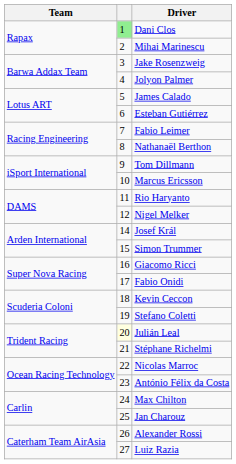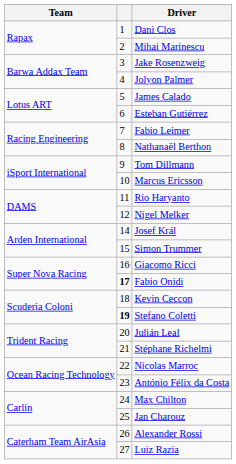 <table class="wikitable" style="font-size: 85%">
 <tr>
 <th>Team</th>
 <th></th>
 <th>Driver</th>
 </tr>
 <tr>
 <td rowspan=2> <a href='#'>Rapax</a></td>
-<td style="background: lightgreen;">1</td>
+<td>1</td>
 <td> <a href='#'>Dani Clos</a></td>
 </tr>
 <tr>
 <td>2</td>
 <td> <a href='#'>Mihai Marinescu</a></td>
 </tr>
 <tr>
 <td rowspan=2> <a href='#'>Barwa Addax Team</a></td>
 <td>3</td>
 <td> <a href='#'>Jake Rosenzweig</a></td>
 </tr>
 <tr>
 <td>4</td>
 <td> <a href='#'>Jolyon Palmer</a></td>
 </tr>
 <tr>
 <td rowspan=2> <a href='#'>Lotus ART</a></td>
 <td>5</td>
 <td> <a href='#'>James Calado</a></td>
 </tr>
 <tr>
 <td>6</td>
 <td> <a href='#'>Esteban Gutiérrez</a> </td>
 </tr>
 <tr>
 <td rowspan=2> <a href='#'>Racing Engineering</a></td>
 <td>7</td>
 <td> <a href='#'>Fabio Leimer</a></td>
 </tr>
 <tr>
 <td>8</td>
 <td> <a href='#'>Nathanaël Berthon</a></td>
 </tr>
 <tr>
 <td rowspan=2> <a href='#'>iSport International</a></td>
 <td>9</td>
 <td> <a href='#'>Tom Dillmann</a></td>
 </tr>
 <tr>
 <td>10</td>
 <td> <a href='#'>Marcus Ericsson</a> </td>
 </tr>
 <tr>
 <td rowspan=2> <a href='#'>DAMS</a></td>
 <td>11</td>
 <td> <a href='#'>Rio Haryanto</a></td>
 </tr>
 <tr>
 <td>12</td>
 <td> <a href='#'>Nigel Melker</a></td>
 </tr>
 <tr>
 <td rowspan=2> <a href='#'>Arden International</a></td>
 <td>14</td>
 <td> <a href='#'>Josef Král</a> </td>
 </tr>
 <tr>
 <td>15</td>
 <td> <a href='#'>Simon Trummer</a></td>
 </tr>
 <tr>
 <td rowspan=2> <a href='#'>Super Nova Racing</a></td>
 <td>16</td>
 <td> <a href='#'>Giacomo Ricci</a></td>
 </tr>
 <tr>
-<td>17</td>
+<td><strong>17</strong></td>
 <td> <a href='#'>Fabio Onidi</a></td>
 </tr>
 <tr>
 <td rowspan=2> <a href='#'>Scuderia Coloni</a></td>
 <td>18</td>
 <td> <a href='#'>Kevin Ceccon</a> </td>
 </tr>
 <tr>
-<td>19</td>
+<td><strong>19</strong></td>
 <td> <a href='#'>Stefano Coletti</a></td>
 </tr>
 <tr>
 <td rowspan=2> <a href='#'>Trident Racing</a></td>
-<td style="background: lightyellow;">20</td>
+<td>20</td>
 <td> <a href='#'>Julián Leal</a></td>
 </tr>
 <tr>
 <td>21</td>
 <td> <a href='#'>Stéphane Richelmi</a> </td>
 </tr>
 <tr>
 <td rowspan=2> <a href='#'>Ocean Racing Technology</a></td>
 <td>22</td>
 <td> <a href='#'>Nicolas Marroc</a></td>
 </tr>
 <tr>
 <td>23</td>
 <td> <a href='#'>António Félix da Costa</a></td>
 </tr>
 <tr>
 <td rowspan=2> <a href='#'>Carlin</a></td>
 <td>24</td>
 <td> <a href='#'>Max Chilton</a> </td>
 </tr>
 <tr>
 <td>25</td>
 <td> <a href='#'>Jan Charouz</a></td>
 </tr>
 <tr>
 <td rowspan=2> <a href='#'>Caterham Team AirAsia</a></td>
 <td>26</td>
 <td> <a href='#'>Alexander Rossi</a></td>
 </tr>
 <tr>
 <td>27</td>
 <td> <a href='#'>Luiz Razia</a> </td>
 </tr>
 </table>
